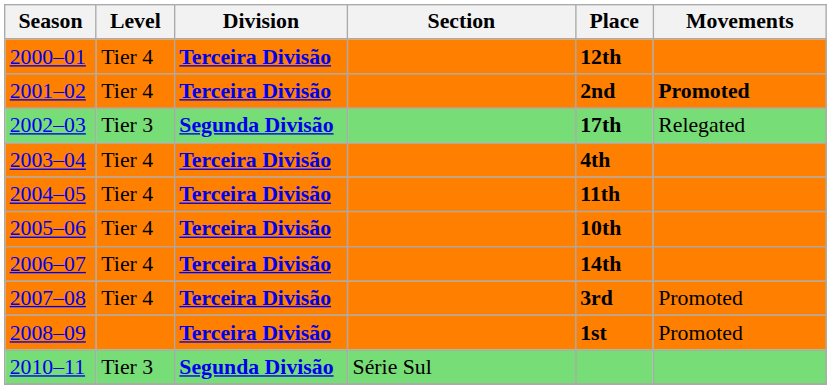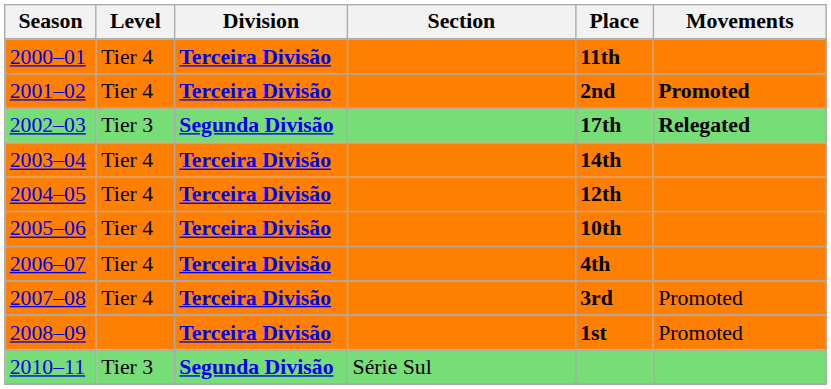 <table class="wikitable" style="text-align: left;">
 <tr>
 <th style="width: 60px;"><strong>Season</strong></th>
 <th style="width: 50px;"><strong>Level</strong></th>
 <th style="width: 120px;"><strong>Division</strong></th>
 <th style="width: 160px;"><strong>Section</strong></th>
 <th style="width: 50px;"><strong>Place</strong></th>
 <th style="width: 120px;"><strong>Movements</strong></th>
 </tr>
 <tr>
 <td style="background:#FF7F00;"><a href='#'>2000–01</a></td>
 <td style="background:#FF7F00;">Tier 4</td>
 <td style="background:#FF7F00;"><strong><a href='#'>Terceira Divisão</a></strong></td>
 <td style="background:#FF7F00;"></td>
-<td style="background:#FF7F00;"><strong>12th</strong></td>
+<td style="background:#FF7F00;"><strong>11th</strong></td>
 <td style="background:#FF7F00;"></td>
 </tr>
 <tr>
 <td style="background:#FF7F00;"><a href='#'>2001–02</a></td>
 <td style="background:#FF7F00;">Tier 4</td>
 <td style="background:#FF7F00;"><strong><a href='#'>Terceira Divisão</a></strong></td>
 <td style="background:#FF7F00;"></td>
 <td style="background:#FF7F00;"><strong>2nd</strong></td>
 <td style="background:#FF7F00;"><strong>Promoted</strong></td>
 </tr>
 <tr>
 <td style="background:#77DD77;"><a href='#'>2002–03</a></td>
 <td style="background:#77DD77;">Tier 3</td>
 <td style="background:#77DD77;"><strong><a href='#'>Segunda Divisão</a></strong></td>
 <td style="background:#77DD77;"></td>
 <td style="background:#77DD77;"><strong>17th</strong></td>
-<td style="background:#77DD77;">Relegated</td>
+<td style="background:#77DD77;"><strong>Relegated</strong></td>
 </tr>
 <tr>
 <td style="background:#FF7F00;"><a href='#'>2003–04</a></td>
 <td style="background:#FF7F00;">Tier 4</td>
 <td style="background:#FF7F00;"><strong><a href='#'>Terceira Divisão</a></strong></td>
 <td style="background:#FF7F00;"></td>
-<td style="background:#FF7F00;"><strong>4th</strong></td>
+<td style="background:#FF7F00;"><strong>14th</strong></td>
 <td style="background:#FF7F00;"></td>
 </tr>
 <tr>
 <td style="background:#FF7F00;"><a href='#'>2004–05</a></td>
 <td style="background:#FF7F00;">Tier 4</td>
 <td style="background:#FF7F00;"><strong><a href='#'>Terceira Divisão</a></strong></td>
 <td style="background:#FF7F00;"></td>
-<td style="background:#FF7F00;"><strong>11th</strong></td>
+<td style="background:#FF7F00;"><strong>12th</strong></td>
 <td style="background:#FF7F00;"></td>
 </tr>
 <tr>
 <td style="background:#FF7F00;"><a href='#'>2005–06</a></td>
 <td style="background:#FF7F00;">Tier 4</td>
 <td style="background:#FF7F00;"><strong><a href='#'>Terceira Divisão</a></strong></td>
 <td style="background:#FF7F00;"></td>
 <td style="background:#FF7F00;"><strong>10th</strong></td>
 <td style="background:#FF7F00;"></td>
 </tr>
 <tr>
 <td style="background:#FF7F00;"><a href='#'>2006–07</a></td>
 <td style="background:#FF7F00;">Tier 4</td>
 <td style="background:#FF7F00;"><strong><a href='#'>Terceira Divisão</a></strong></td>
 <td style="background:#FF7F00;"></td>
-<td style="background:#FF7F00;"><strong>14th</strong></td>
+<td style="background:#FF7F00;"><strong>4th</strong></td>
 <td style="background:#FF7F00;"></td>
 </tr>
 <tr>
 <td style="background:#FF7F00;"><a href='#'>2007–08</a></td>
 <td style="background:#FF7F00;">Tier 4</td>
 <td style="background:#FF7F00;"><strong><a href='#'>Terceira Divisão</a></strong></td>
 <td style="background:#FF7F00;"></td>
 <td style="background:#FF7F00;"><strong>3rd</strong></td>
 <td style="background:#FF7F00;">Promoted</td>
 </tr>
 <tr>
 <td style="background:#FF7F00;"><a href='#'>2008–09</a></td>
 <td style="background:#FF7F00;"></td>
 <td style="background:#FF7F00;"><strong><a href='#'>Terceira Divisão</a></strong></td>
 <td style="background:#FF7F00;"></td>
 <td style="background:#FF7F00;"><strong>1st</strong></td>
 <td style="background:#FF7F00;">Promoted</td>
 </tr>
 <tr>
 <td style="background:#77DD77;"><a href='#'>2010–11</a></td>
 <td style="background:#77DD77;">Tier 3</td>
 <td style="background:#77DD77;"><strong><a href='#'>Segunda Divisão</a></strong></td>
 <td style="background:#77DD77;">Série Sul</td>
 <td style="background:#77DD77;"></td>
 <td style="background:#77DD77;"></td>
 </tr>
 <tr>
 </tr>
 </table>
